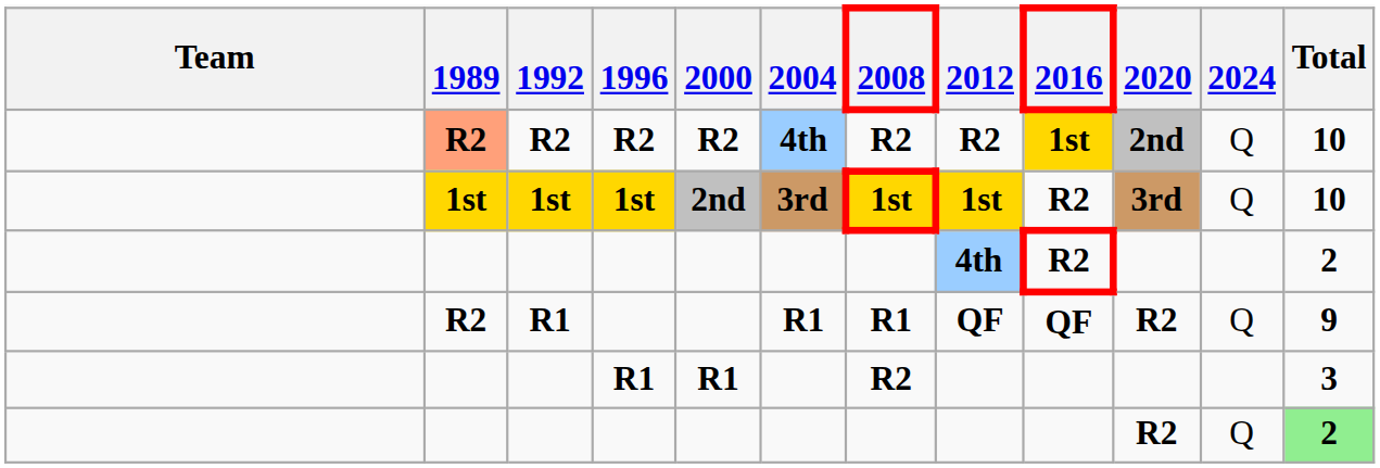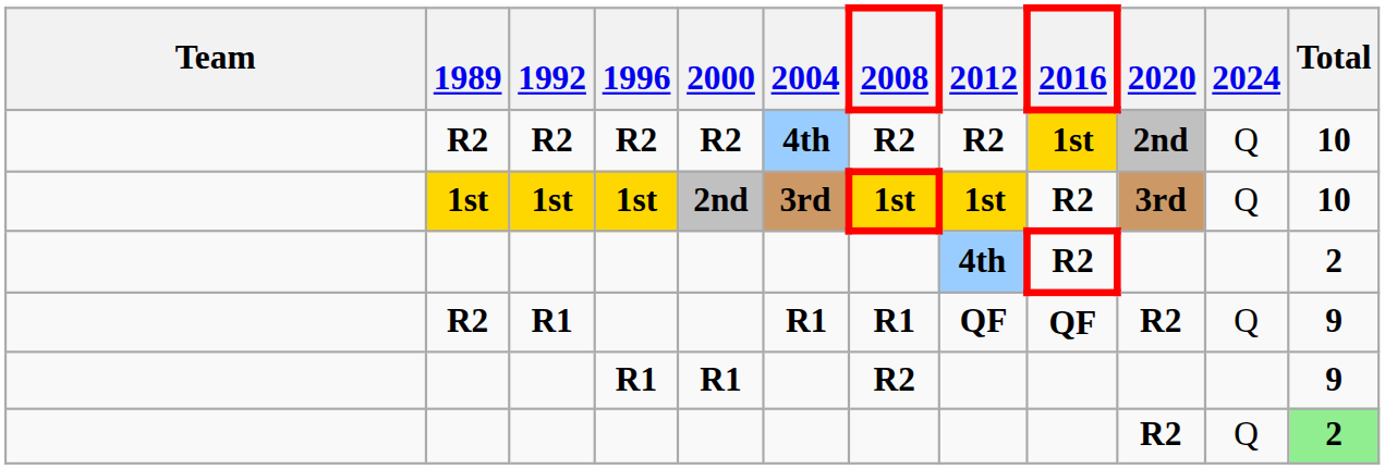 <table class="wikitable" style="text-align:center; font-size:90%">
 <tr>
 <th width=170>Team</th>
 <th><br><a href='#'>1989</a></th>
 <th><br><a href='#'>1992</a></th>
 <th><br><a href='#'>1996</a></th>
 <th><br><a href='#'>2000</a></th>
 <th><br><a href='#'>2004</a></th>
 <th style="border:3px solid red"><br><a href='#'>2008</a></th>
 <th><br><a href='#'>2012</a></th>
 <th style="border:3px solid red"><br><a href='#'>2016</a></th>
 <th><br><a href='#'>2020</a></th>
 <th><br><a href='#'>2024</a></th>
 <th>Total</th>
 </tr>
 <tr>
 <td align=left></td>
-<td style="background: lightsalmon;"><strong>R2</strong></td>
+<td><strong>R2</strong></td>
 <td><strong>R2</strong></td>
 <td><strong>R2</strong></td>
 <td><strong>R2</strong></td>
 <td style="background-color:#9acdff"><strong>4th</strong></td>
 <td><strong>R2</strong></td>
 <td><strong>R2</strong></td>
 <td style="background-color:gold"><strong>1st</strong></td>
 <td style="background-color:silver"><strong>2nd</strong></td>
 <td>Q</td>
 <td><strong>10</strong></td>
 </tr>
 <tr>
 <td align=left></td>
 <td style="background-color:gold"><strong>1st</strong></td>
 <td style="background-color:gold"><strong>1st</strong></td>
 <td style="background-color:gold"><strong>1st</strong></td>
 <td style="background-color:silver"><strong>2nd</strong></td>
 <td style="background-color:#cc9966"><strong>3rd</strong></td>
 <td bgcolor=gold style="border:3px solid red"><strong>1st</strong></td>
 <td style="background-color:gold"><strong>1st</strong></td>
 <td><strong>R2</strong></td>
 <td style="background-color:#cc9966"><strong>3rd</strong></td>
 <td>Q</td>
 <td><strong>10</strong></td>
 </tr>
 <tr>
 <td align=left></td>
 <td></td>
 <td></td>
 <td></td>
 <td></td>
 <td></td>
 <td></td>
 <td style="background-color:#9acdff"><strong>4th</strong></td>
 <td style="border: 3px solid red"><strong>R2</strong></td>
 <td></td>
 <td></td>
 <td><strong>2</strong></td>
 </tr>
 <tr>
 <td align=left></td>
 <td><strong>R2</strong></td>
 <td><strong>R1</strong></td>
 <td></td>
 <td></td>
 <td><strong>R1</strong></td>
 <td><strong>R1</strong></td>
 <td><strong>QF</strong></td>
 <td><strong>QF</strong></td>
 <td><strong>R2</strong></td>
 <td>Q</td>
 <td><strong>9</strong></td>
 </tr>
 <tr>
 <td align=left></td>
 <td></td>
 <td></td>
 <td><strong>R1</strong></td>
 <td><strong>R1</strong></td>
 <td></td>
 <td><strong>R2</strong></td>
 <td></td>
 <td></td>
 <td></td>
 <td></td>
-<td><strong>3</strong></td>
+<td><strong>9</strong></td>
 </tr>
 <tr>
 <td align=left></td>
 <td></td>
 <td></td>
 <td></td>
 <td></td>
 <td></td>
 <td></td>
 <td></td>
 <td></td>
 <td><strong>R2</strong></td>
 <td>Q</td>
 <td style="background: lightgreen;"><strong>2</strong></td>
 </tr>
 </table>
